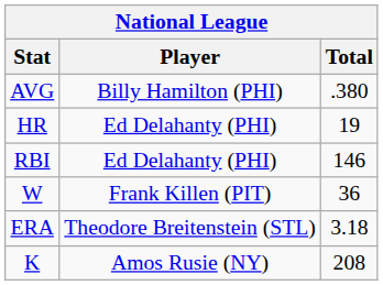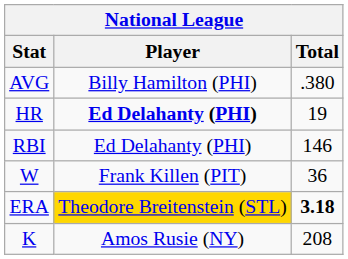 <table class="wikitable" style="text-align:center;">
 <tr>
 <th colspan="3"><a href='#'>National League</a></th>
 </tr>
 <tr>
 <th>Stat</th>
 <th>Player</th>
 <th>Total</th>
 </tr>
 <tr>
 <td><a href='#'>AVG</a></td>
 <td><a href='#'>Billy Hamilton</a> (<a href='#'>PHI</a>)</td>
 <td>.380</td>
 </tr>
 <tr>
 <td><a href='#'>HR</a></td>
-<td><a href='#'>Ed Delahanty</a> (<a href='#'>PHI</a>)</td>
+<td><strong><a href='#'>Ed Delahanty</a> (<a href='#'>PHI</a>)</strong></td>
 <td>19</td>
 </tr>
 <tr>
 <td><a href='#'>RBI</a></td>
 <td><a href='#'>Ed Delahanty</a> (<a href='#'>PHI</a>)</td>
 <td>146</td>
 </tr>
 <tr>
 <td><a href='#'>W</a></td>
 <td><a href='#'>Frank Killen</a> (<a href='#'>PIT</a>)</td>
 <td>36</td>
 </tr>
 <tr>
 <td><a href='#'>ERA</a></td>
-<td><a href='#'>Theodore Breitenstein</a> (<a href='#'>STL</a>)</td>
-<td>3.18</td>
+<td style="background: gold;"><a href='#'>Theodore Breitenstein</a> (<a href='#'>STL</a>)</td>
+<td><strong>3.18</strong></td>
 </tr>
 <tr>
 <td><a href='#'>K</a></td>
 <td><a href='#'>Amos Rusie</a> (<a href='#'>NY</a>)</td>
 <td>208</td>
 </tr>
 </table>
